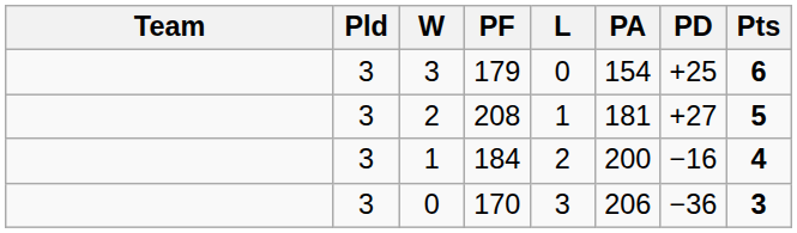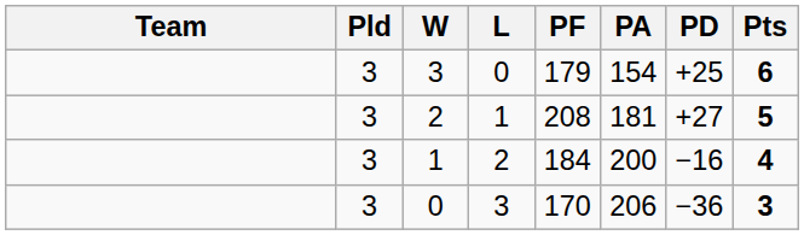 <table class=wikitable style="text-align:center">
 <tr>
 <th width=180>Team</th>
 <th width=30>Pld</th>
 <th width=30>W</th>
+<th width=30>L</th>
 <th width=30>PF</th>
-<th width=30>L</th>
 <th width=30>PA</th>
 <th width=30>PD</th>
 <th width=30>Pts</th>
 </tr>
 <tr>
 <td align="left"></td>
 <td>3</td>
 <td>3</td>
+<td>0</td>
 <td>179</td>
-<td>0</td>
 <td>154</td>
 <td>+25</td>
 <td><strong>6</strong></td>
 </tr>
 <tr>
 <td align="left"></td>
 <td>3</td>
 <td>2</td>
+<td>1</td>
 <td>208</td>
-<td>1</td>
 <td>181</td>
 <td>+27</td>
 <td><strong>5</strong></td>
 </tr>
 <tr>
 <td align="left"></td>
 <td>3</td>
 <td>1</td>
+<td>2</td>
 <td>184</td>
-<td>2</td>
 <td>200</td>
 <td>−16</td>
 <td><strong>4</strong></td>
 </tr>
 <tr>
 <td align="left"></td>
 <td>3</td>
 <td>0</td>
+<td>3</td>
 <td>170</td>
-<td>3</td>
 <td>206</td>
 <td>−36</td>
 <td><strong>3</strong></td>
 </tr>
 </table>
